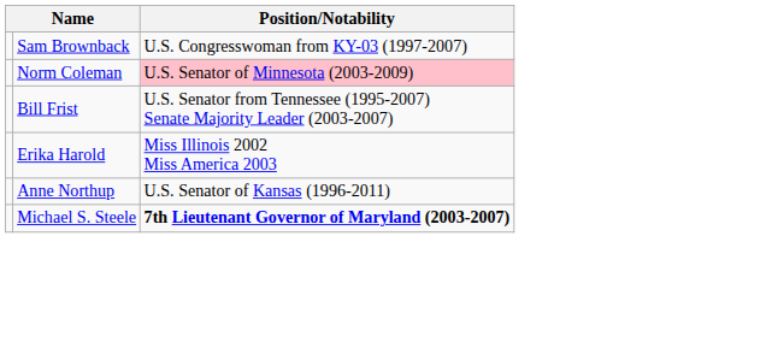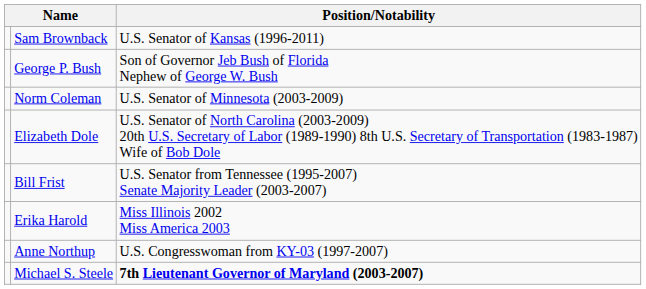 <table class="wikitable">
 <tr>
 <th colspan="2">Name</th>
 <th>Position/Notability</th>
 </tr>
 <tr>
 <td></td>
 <td><a href='#'>Sam Brownback</a></td>
-<td>U.S. Congresswoman from <a href='#'>KY-03</a> (1997-2007)</td>
+<td>U.S. Senator of <a href='#'>Kansas</a> (1996-2011)</td>
+</tr>
+<tr>
+<td></td>
+<td><a href='#'>George P. Bush</a></td>
+<td>Son of Governor <a href='#'>Jeb Bush</a> of <a href='#'>Florida</a><br>Nephew of <a href='#'>George W. Bush</a></td>
 </tr>
 <tr>
 <td></td>
 <td><a href='#'>Norm Coleman</a></td>
-<td style="background: pink;">U.S. Senator of <a href='#'>Minnesota</a> (2003-2009)</td>
+<td>U.S. Senator of <a href='#'>Minnesota</a> (2003-2009)</td>
+</tr>
+<tr>
+<td></td>
+<td><a href='#'>Elizabeth Dole</a></td>
+<td>U.S. Senator of <a href='#'>North Carolina</a> (2003-2009)<br>20th <a href='#'>U.S. Secretary of Labor</a> (1989-1990) 8th U.S. <a href='#'>Secretary of Transportation</a> (1983-1987)<br>Wife of <a href='#'>Bob Dole</a></td>
 </tr>
 <tr>
 <td></td>
 <td><a href='#'>Bill Frist</a></td>
 <td>U.S. Senator from Tennessee (1995-2007)<br><a href='#'>Senate Majority Leader</a> (2003-2007)</td>
 </tr>
 <tr>
 <td></td>
 <td><a href='#'>Erika Harold</a></td>
 <td><a href='#'>Miss Illinois</a> 2002<br><a href='#'>Miss America 2003</a></td>
 </tr>
 <tr>
 <td></td>
 <td><a href='#'>Anne Northup</a></td>
-<td>U.S. Senator of <a href='#'>Kansas</a> (1996-2011)</td>
+<td>U.S. Congresswoman from <a href='#'>KY-03</a> (1997-2007)</td>
 </tr>
 <tr>
 <td></td>
 <td><a href='#'>Michael S. Steele</a></td>
 <td><strong>7th <a href='#'>Lieutenant Governor of Maryland</a> (2003-2007)</strong></td>
 </tr>
 </table>
